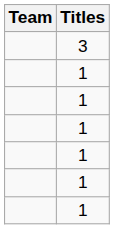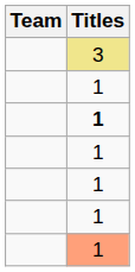 <table class="wikitable sortable" style="text-align:center">
 <tr>
 <th>Team</th>
 <th>Titles</th>
 </tr>
 <tr>
 <td style=><em></em></td>
-<td>3</td>
+<td style="background: khaki;">3</td>
+</tr>
+<tr>
+<td style=><em></em></td>
+<td>1</td>
+</tr>
+<tr>
+<td style=><em></em></td>
+<td><strong>1</strong></td>
 </tr>
 <tr>
 <td style=><em></em></td>
 <td>1</td>
 </tr>
 <tr>
 <td style=><em></em></td>
 <td>1</td>
 </tr>
 <tr>
 <td style=><em></em></td>
 <td>1</td>
 </tr>
 <tr>
 <td style=><em></em></td>
-<td>1</td>
-</tr>
-<tr>
-<td style=><em></em></td>
-<td>1</td>
-</tr>
-<tr>
-<td style=><em></em></td>
-<td>1</td>
+<td style="background: lightsalmon;">1</td>
 </tr>
 </table>
